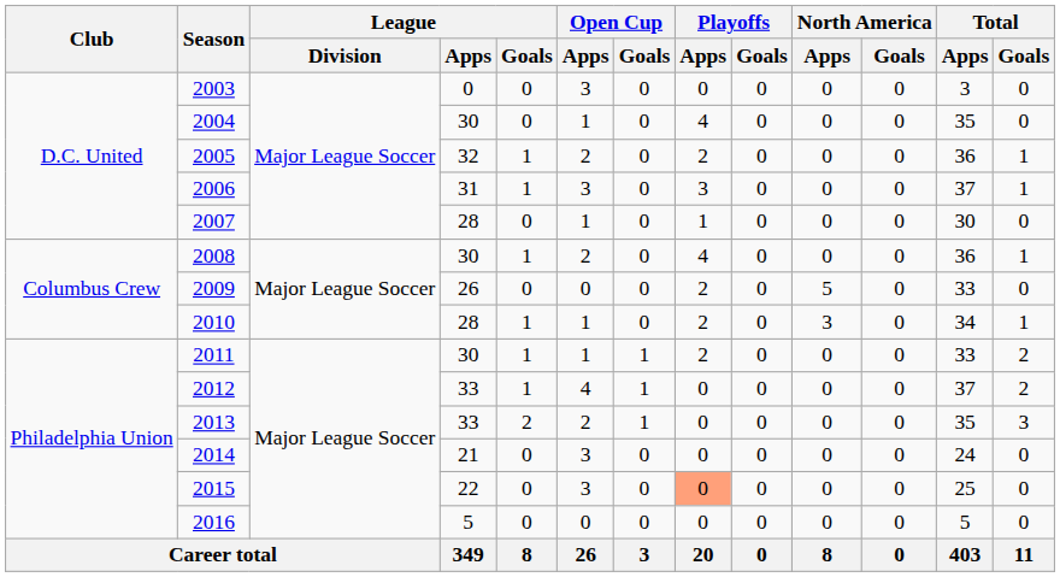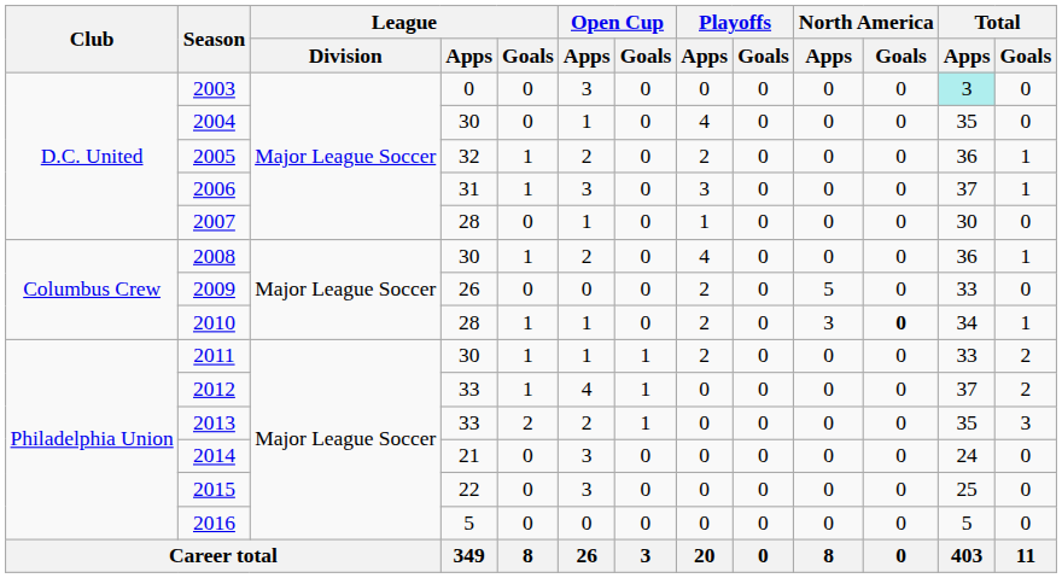 <table class="wikitable" style="text-align:center">
 <tr>
 <th rowspan="2">Club</th>
 <th rowspan="2">Season</th>
 <th colspan="3">League</th>
 <th colspan="2"><a href='#'>Open Cup</a></th>
 <th colspan="2"><a href='#'>Playoffs</a></th>
 <th colspan="2">North America</th>
 <th colspan="2">Total</th>
 </tr>
 <tr>
 <th>Division</th>
 <th>Apps</th>
 <th>Goals</th>
 <th>Apps</th>
 <th>Goals</th>
 <th>Apps</th>
 <th>Goals</th>
 <th>Apps</th>
 <th>Goals</th>
 <th>Apps</th>
 <th>Goals</th>
 </tr>
 <tr>
 <td rowspan="5"><a href='#'>D.C. United</a></td>
 <td><a href='#'>2003</a></td>
 <td rowspan="5"><a href='#'>Major League Soccer</a></td>
 <td>0</td>
 <td>0</td>
 <td>3</td>
 <td>0</td>
 <td>0</td>
 <td>0</td>
 <td>0</td>
 <td>0</td>
-<td>3</td>
+<td style="background: paleturquoise;">3</td>
 <td>0</td>
 </tr>
 <tr>
 <td><a href='#'>2004</a></td>
 <td>30</td>
 <td>0</td>
 <td>1</td>
 <td>0</td>
 <td>4</td>
 <td>0</td>
 <td>0</td>
 <td>0</td>
 <td>35</td>
 <td>0</td>
 </tr>
 <tr>
 <td><a href='#'>2005</a></td>
 <td>32</td>
 <td>1</td>
 <td>2</td>
 <td>0</td>
 <td>2</td>
 <td>0</td>
 <td>0</td>
 <td>0</td>
 <td>36</td>
 <td>1</td>
 </tr>
 <tr>
 <td><a href='#'>2006</a></td>
 <td>31</td>
 <td>1</td>
 <td>3</td>
 <td>0</td>
 <td>3</td>
 <td>0</td>
 <td>0</td>
 <td>0</td>
 <td>37</td>
 <td>1</td>
 </tr>
 <tr>
 <td><a href='#'>2007</a></td>
 <td>28</td>
 <td>0</td>
 <td>1</td>
 <td>0</td>
 <td>1</td>
 <td>0</td>
 <td>0</td>
 <td>0</td>
 <td>30</td>
 <td>0</td>
 </tr>
 <tr>
 <td rowspan="3"><a href='#'>Columbus Crew</a></td>
 <td><a href='#'>2008</a></td>
 <td rowspan="3">Major League Soccer</td>
 <td>30</td>
 <td>1</td>
 <td>2</td>
 <td>0</td>
 <td>4</td>
 <td>0</td>
 <td>0</td>
 <td>0</td>
 <td>36</td>
 <td>1</td>
 </tr>
 <tr>
 <td><a href='#'>2009</a></td>
 <td>26</td>
 <td>0</td>
 <td>0</td>
 <td>0</td>
 <td>2</td>
 <td>0</td>
 <td>5</td>
 <td>0</td>
 <td>33</td>
 <td>0</td>
 </tr>
 <tr>
 <td><a href='#'>2010</a></td>
 <td>28</td>
 <td>1</td>
 <td>1</td>
 <td>0</td>
 <td>2</td>
 <td>0</td>
 <td>3</td>
-<td>0</td>
+<td><strong>0</strong></td>
 <td>34</td>
 <td>1</td>
 </tr>
 <tr>
 <td rowspan="6"><a href='#'>Philadelphia Union</a></td>
 <td><a href='#'>2011</a></td>
 <td rowspan="6">Major League Soccer</td>
 <td>30</td>
 <td>1</td>
 <td>1</td>
 <td>1</td>
 <td>2</td>
 <td>0</td>
 <td>0</td>
 <td>0</td>
 <td>33</td>
 <td>2</td>
 </tr>
 <tr>
 <td><a href='#'>2012</a></td>
 <td>33</td>
 <td>1</td>
 <td>4</td>
 <td>1</td>
 <td>0</td>
 <td>0</td>
 <td>0</td>
 <td>0</td>
 <td>37</td>
 <td>2</td>
 </tr>
 <tr>
 <td><a href='#'>2013</a></td>
 <td>33</td>
 <td>2</td>
 <td>2</td>
 <td>1</td>
 <td>0</td>
 <td>0</td>
 <td>0</td>
 <td>0</td>
 <td>35</td>
 <td>3</td>
 </tr>
 <tr>
 <td><a href='#'>2014</a></td>
 <td>21</td>
 <td>0</td>
 <td>3</td>
 <td>0</td>
 <td>0</td>
 <td>0</td>
 <td>0</td>
 <td>0</td>
 <td>24</td>
 <td>0</td>
 </tr>
 <tr>
 <td><a href='#'>2015</a></td>
 <td>22</td>
 <td>0</td>
 <td>3</td>
 <td>0</td>
-<td style="background: lightsalmon;">0</td>
+<td>0</td>
 <td>0</td>
 <td>0</td>
 <td>0</td>
 <td>25</td>
 <td>0</td>
 </tr>
 <tr>
 <td><a href='#'>2016</a></td>
 <td>5</td>
 <td>0</td>
 <td>0</td>
 <td>0</td>
 <td>0</td>
 <td>0</td>
 <td>0</td>
 <td>0</td>
 <td>5</td>
 <td>0</td>
 </tr>
 <tr>
 <th colspan="3">Career total</th>
 <th>349</th>
 <th>8</th>
 <th>26</th>
 <th>3</th>
 <th>20</th>
 <th>0</th>
 <th>8</th>
 <th>0</th>
 <th>403</th>
 <th>11</th>
 </tr>
 </table>
